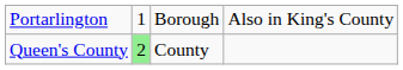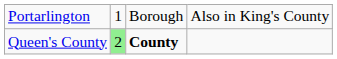 <table class="wikitable sortable">
 <tr>
 <td><a href='#'>Portarlington</a></td>
 <td align="center">1</td>
 <td>Borough</td>
 <td>Also in King's County</td>
 </tr>
 <tr>
 <td><a href='#'>Queen's County</a></td>
 <td style="background: lightgreen;">2</td>
-<td>County</td>
+<td><strong>County</strong></td>
 <td></td>
 </tr>
 </table>
